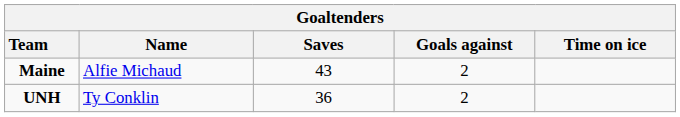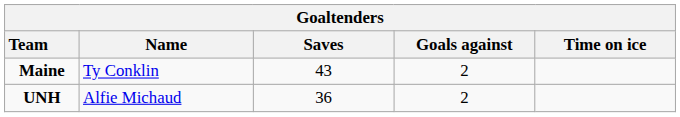 <table class="wikitable" style="width:40em; text-align:right;">
 <tr>
 <th colspan=5>Goaltenders</th>
 </tr>
 <tr>
 <th style="width:4em; text-align:left;">Team</th>
 <th style="width:10em;">Name</th>
 <th style="width:8em;">Saves</th>
 <th style="width:8em;">Goals against</th>
 <th style="width:8em;">Time on ice</th>
 </tr>
 <tr>
 <td align=center><strong>Maine</strong></td>
-<td style="text-align:left;"><a href='#'>Alfie Michaud</a></td>
+<td style="text-align:left;"><a href='#'>Ty Conklin</a></td>
 <td align=center>43</td>
 <td align=center>2</td>
 <td align=center></td>
 </tr>
 <tr>
 <td align=center><strong>UNH</strong></td>
-<td style="text-align:left;"><a href='#'>Ty Conklin</a></td>
+<td style="text-align:left;"><a href='#'>Alfie Michaud</a></td>
 <td align=center>36</td>
 <td align=center>2</td>
 <td align=center></td>
 </tr>
 </table>
